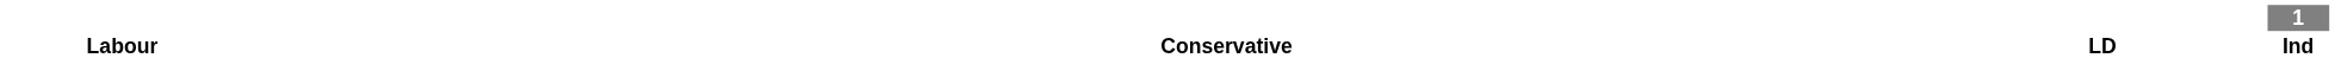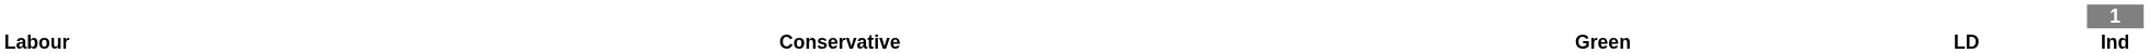 <table style="width:100%; text-align:center;">
 <tr style="color:white;">
 <td style="background-color:"><strong>18</strong></td>
 <td style="background-color:"><strong>15</strong></td>
+<td style="background-color:"><strong>5</strong></td>
 <td style="background-color:"><strong>2</strong></td>
 <td style="background-color:gray; width:2.4%;"><strong>1</strong></td>
 </tr>
 <tr>
 <td><span><strong>Labour</strong></span></td>
 <td><span><strong>Conservative</strong></span></td>
+<td><span><strong>Green</strong></span></td>
 <td><span><strong>LD</strong></span></td>
 <td><span><strong>Ind</strong></span></td>
 </tr>
 </table>
